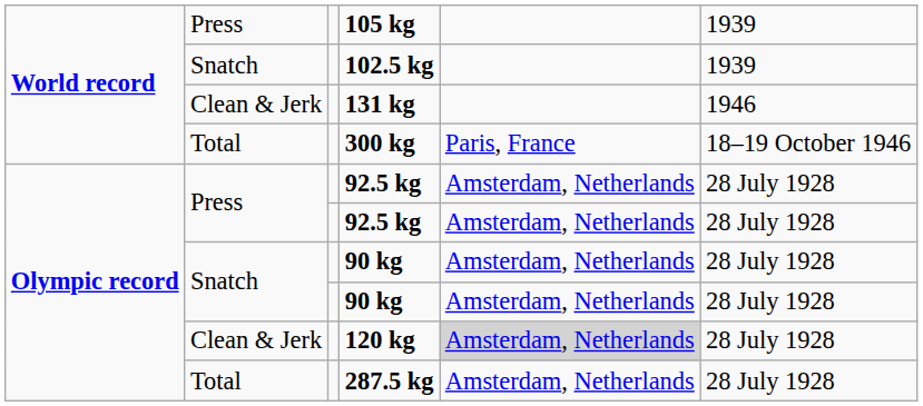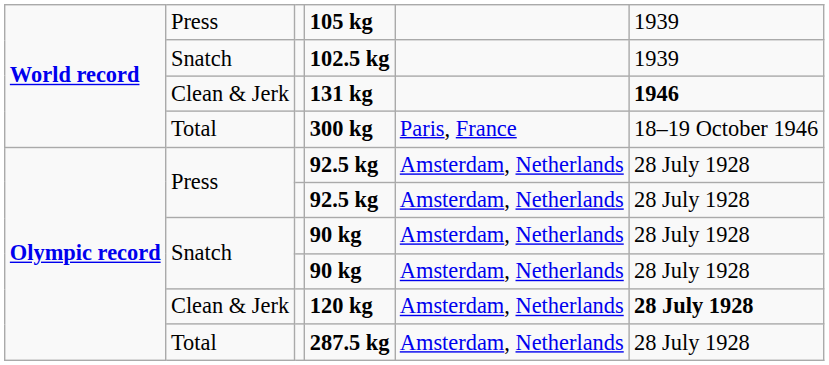 <table class="wikitable">
 <tr>
 <td rowspan=4><strong><a href='#'>World record</a></strong></td>
 <td>Press</td>
 <td></td>
 <td><strong>105 kg</strong></td>
 <td></td>
 <td>1939</td>
 </tr>
 <tr>
 <td>Snatch</td>
 <td></td>
 <td><strong>102.5 kg</strong></td>
 <td></td>
 <td>1939</td>
 </tr>
 <tr>
 <td>Clean & Jerk</td>
 <td></td>
 <td><strong>131 kg</strong></td>
 <td></td>
-<td>1946</td>
+<td><strong>1946</strong></td>
 </tr>
 <tr>
 <td>Total</td>
 <td></td>
 <td><strong>300 kg</strong></td>
 <td><a href='#'>Paris</a>, <a href='#'>France</a></td>
 <td>18–19 October 1946</td>
 </tr>
 <tr>
 <td rowspan=6><strong><a href='#'>Olympic record</a></strong></td>
 <td rowspan=2>Press</td>
 <td></td>
 <td><strong>92.5 kg</strong></td>
 <td><a href='#'>Amsterdam</a>, <a href='#'>Netherlands</a></td>
 <td>28 July 1928</td>
 </tr>
 <tr>
 <td></td>
 <td><strong>92.5 kg</strong></td>
 <td><a href='#'>Amsterdam</a>, <a href='#'>Netherlands</a></td>
 <td>28 July 1928</td>
 </tr>
 <tr>
 <td rowspan=2>Snatch</td>
 <td></td>
 <td><strong>90 kg</strong></td>
 <td><a href='#'>Amsterdam</a>, <a href='#'>Netherlands</a></td>
 <td>28 July 1928</td>
 </tr>
 <tr>
 <td></td>
 <td><strong>90 kg</strong></td>
 <td><a href='#'>Amsterdam</a>, <a href='#'>Netherlands</a></td>
 <td>28 July 1928</td>
 </tr>
 <tr>
 <td>Clean & Jerk</td>
 <td></td>
 <td><strong>120 kg</strong></td>
-<td style="background: lightgrey;"><a href='#'>Amsterdam</a>, <a href='#'>Netherlands</a></td>
-<td>28 July 1928</td>
+<td><a href='#'>Amsterdam</a>, <a href='#'>Netherlands</a></td>
+<td><strong>28 July 1928</strong></td>
 </tr>
 <tr>
 <td>Total</td>
 <td></td>
 <td><strong>287.5 kg</strong></td>
 <td><a href='#'>Amsterdam</a>, <a href='#'>Netherlands</a></td>
 <td>28 July 1928</td>
 </tr>
 </table>
